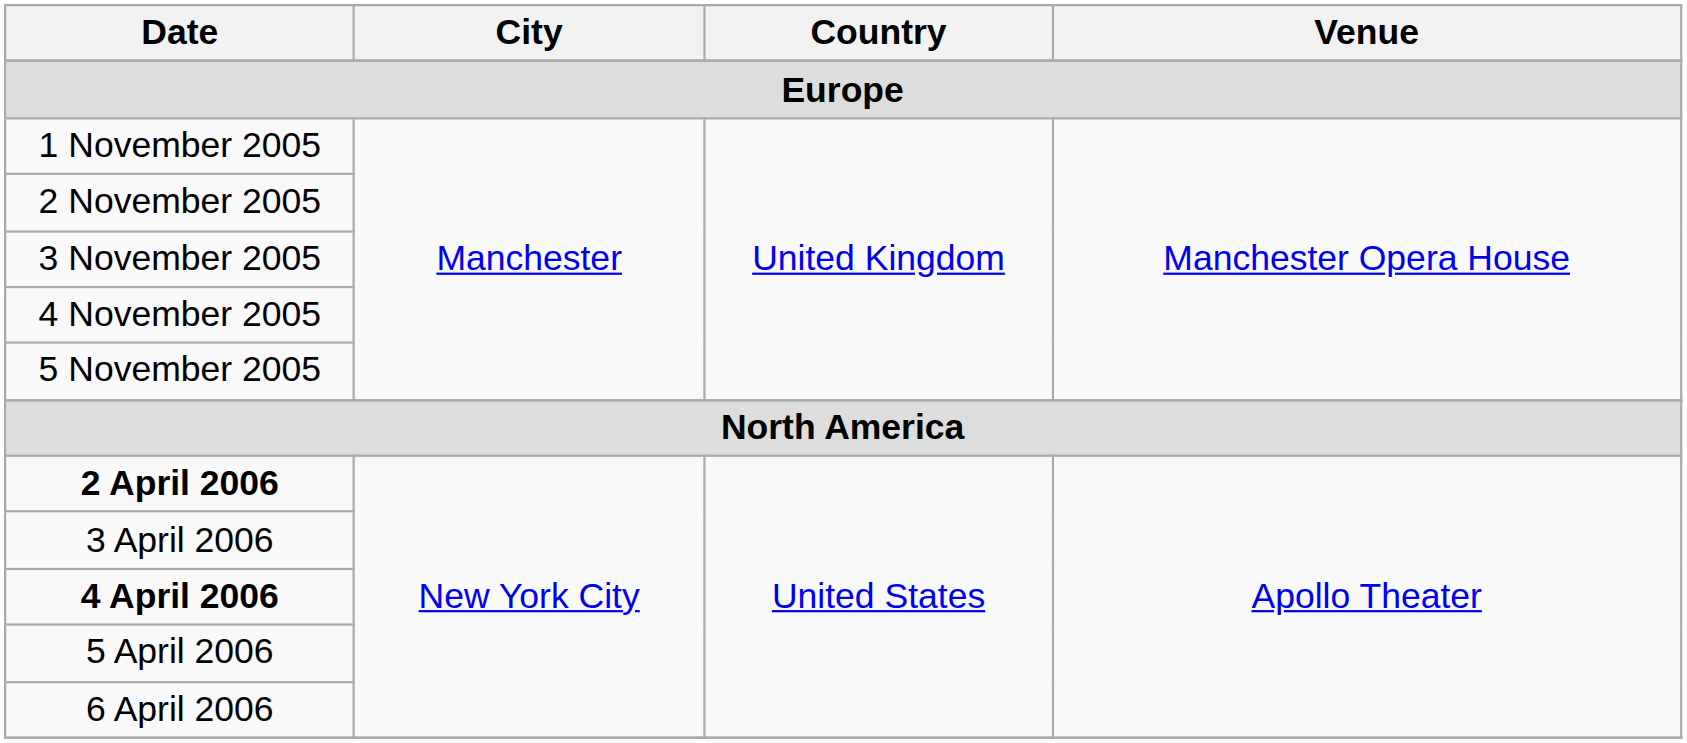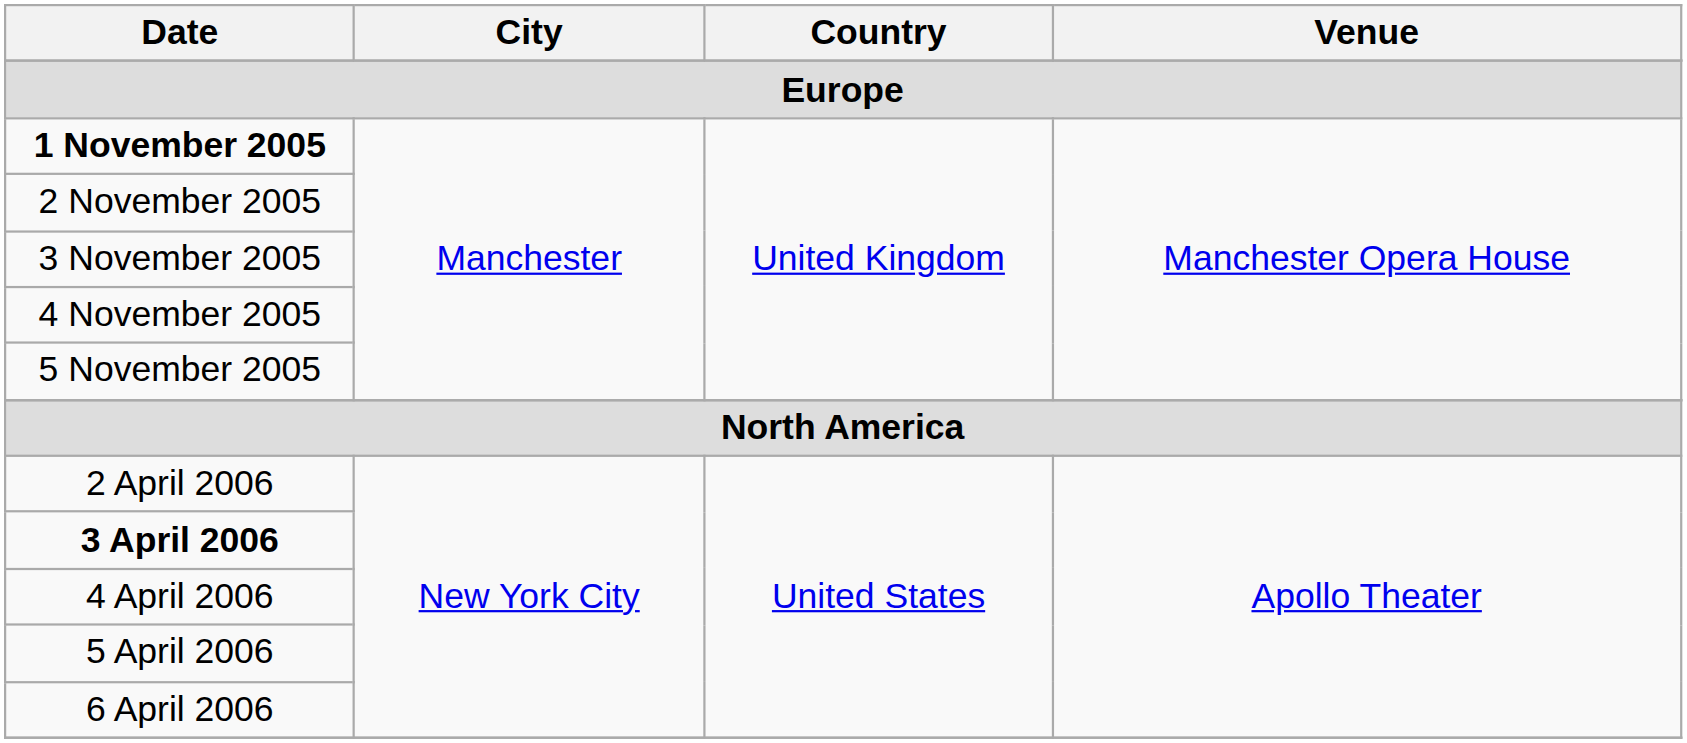 <table class="wikitable" style="text-align:center;">
 <tr>
 <th width="150">Date</th>
 <th width="150">City</th>
 <th width="150">Country</th>
 <th width="275">Venue</th>
 </tr>
 <tr>
 </tr>
 <tr style="background:#ddd;">
 <td colspan="4"><strong>Europe</strong></td>
 </tr>
 <tr>
-<td>1 November 2005</td>
+<td><strong>1 November 2005</strong></td>
 <td rowspan=5><a href='#'>Manchester</a></td>
 <td rowspan=5><a href='#'>United Kingdom</a></td>
 <td rowspan=5><a href='#'>Manchester Opera House</a></td>
 </tr>
 <tr>
 <td>2 November 2005</td>
 </tr>
 <tr>
 <td>3 November 2005</td>
 </tr>
 <tr>
 <td>4 November 2005</td>
 </tr>
 <tr>
 <td>5 November 2005</td>
 </tr>
 <tr>
 </tr>
 <tr style="background:#ddd;">
 <td colspan="4"><strong>North America</strong></td>
 </tr>
 <tr>
-<td><strong>2 April 2006</strong></td>
+<td>2 April 2006</td>
 <td rowspan=5><a href='#'>New York City</a></td>
 <td rowspan=5><a href='#'>United States</a></td>
 <td rowspan=5><a href='#'>Apollo Theater</a></td>
 </tr>
 <tr>
-<td>3 April 2006</td>
+<td><strong>3 April 2006</strong></td>
 </tr>
 <tr>
-<td><strong>4 April 2006</strong></td>
+<td>4 April 2006</td>
 </tr>
 <tr>
 <td>5 April 2006</td>
 </tr>
 <tr>
 <td>6 April 2006</td>
 </tr>
 <tr>
 </tr>
 </table>
